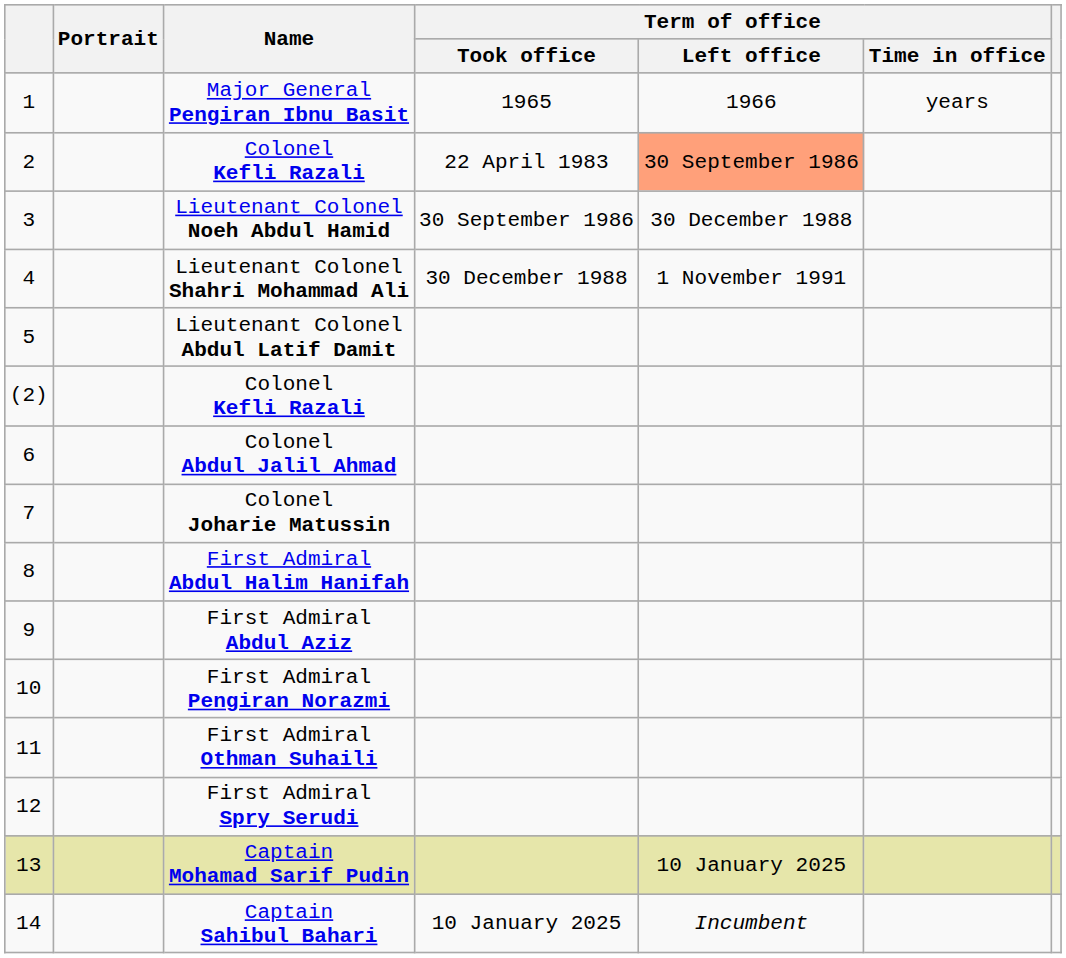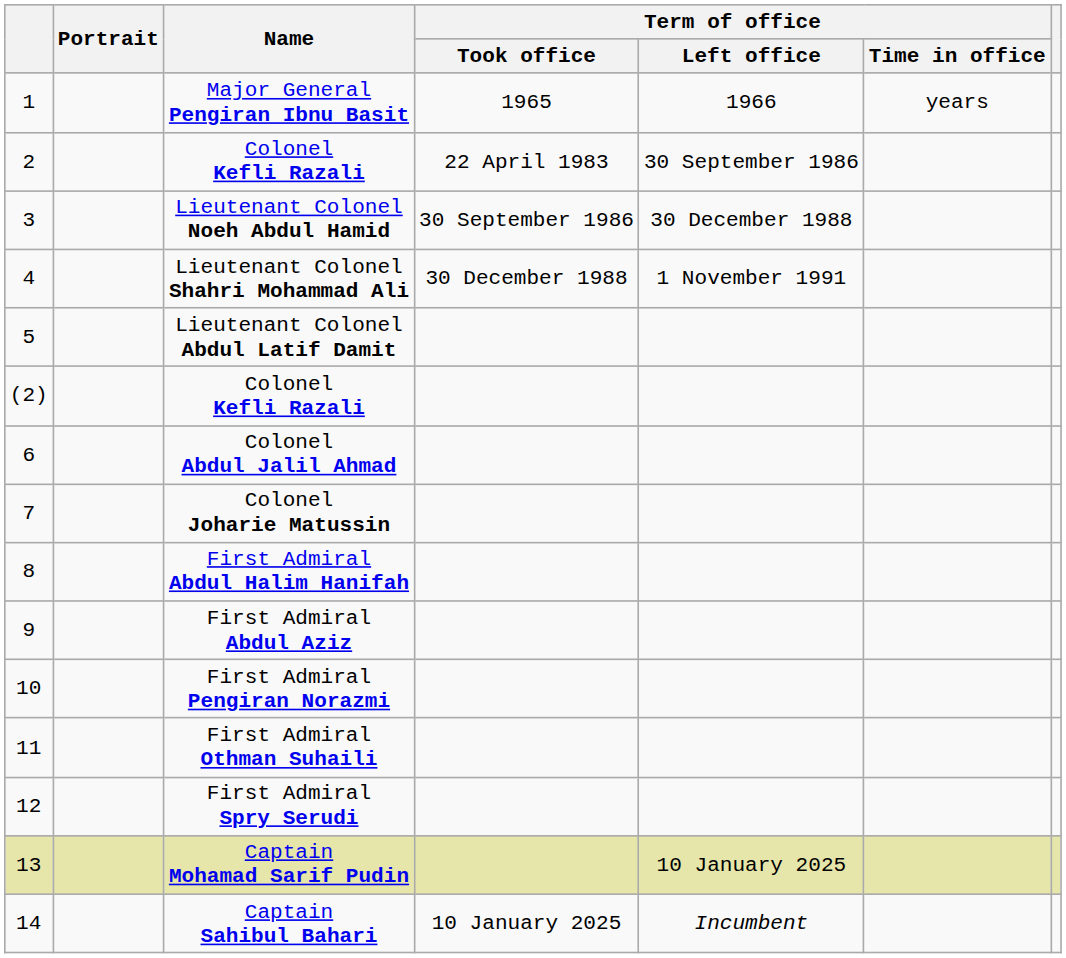 <table class="wikitable" style="text-align:center">
 <tr>
 <th rowspan="2"></th>
 <th rowspan="2">Portrait</th>
 <th rowspan="2">Name<br></th>
 <th colspan="3">Term of office</th>
 <th rowspan="2"></th>
 </tr>
 <tr>
 <th>Took office</th>
 <th>Left office</th>
 <th>Time in office</th>
 </tr>
 <tr>
 <td>1</td>
 <td></td>
 <td><a href='#'>Major General</a><br><strong><a href='#'>Pengiran Ibnu Basit</a></strong><br></td>
 <td>1965</td>
 <td>1966</td>
 <td> years</td>
 <td></td>
 </tr>
 <tr>
 <td>2</td>
 <td></td>
 <td><a href='#'>Colonel</a><br><strong><a href='#'>Kefli Razali</a></strong><br></td>
 <td>22 April 1983</td>
-<td style="background: lightsalmon;">30 September 1986</td>
+<td>30 September 1986</td>
 <td></td>
 <td></td>
 </tr>
 <tr>
 <td>3</td>
 <td></td>
 <td><a href='#'>Lieutenant Colonel</a><br><strong>Noeh Abdul Hamid</strong><br></td>
 <td>30 September 1986</td>
 <td>30 December 1988</td>
 <td></td>
 <td></td>
 </tr>
 <tr>
 <td>4</td>
 <td></td>
 <td>Lieutenant Colonel<br><strong>Shahri Mohammad Ali</strong><br></td>
 <td>30 December 1988</td>
 <td>1 November 1991</td>
 <td></td>
 <td></td>
 </tr>
 <tr>
 <td>5</td>
 <td></td>
 <td>Lieutenant Colonel<br><strong>Abdul Latif Damit</strong><br></td>
 <td></td>
 <td></td>
 <td></td>
 <td></td>
 </tr>
 <tr>
 <td>(2)</td>
 <td></td>
 <td>Colonel<br><strong><a href='#'>Kefli Razali</a></strong><br></td>
 <td></td>
 <td></td>
 <td></td>
 <td></td>
 </tr>
 <tr>
 <td>6</td>
 <td></td>
 <td>Colonel<br><strong><a href='#'>Abdul Jalil Ahmad</a></strong><br></td>
 <td></td>
 <td></td>
 <td></td>
 <td></td>
 </tr>
 <tr>
 <td>7</td>
 <td></td>
 <td>Colonel<br><strong>Joharie Matussin</strong><br></td>
 <td></td>
 <td></td>
 <td></td>
 <td></td>
 </tr>
 <tr>
 <td>8</td>
 <td></td>
 <td><a href='#'>First Admiral</a><br><strong><a href='#'>Abdul Halim Hanifah</a></strong><br></td>
 <td></td>
 <td></td>
 <td></td>
 <td></td>
 </tr>
 <tr>
 <td>9</td>
 <td></td>
 <td>First Admiral<br><strong><a href='#'>Abdul Aziz</a></strong><br></td>
 <td></td>
 <td></td>
 <td></td>
 <td></td>
 </tr>
 <tr>
 <td>10</td>
 <td></td>
 <td>First Admiral<br><strong><a href='#'>Pengiran Norazmi</a></strong><br></td>
 <td></td>
 <td></td>
 <td></td>
 <td></td>
 </tr>
 <tr>
 <td>11</td>
 <td></td>
 <td>First Admiral<br><strong><a href='#'>Othman Suhaili</a></strong><br></td>
 <td></td>
 <td></td>
 <td></td>
 <td></td>
 </tr>
 <tr>
 <td>12</td>
 <td></td>
 <td>First Admiral<br><strong><a href='#'>Spry Serudi</a></strong><br></td>
 <td></td>
 <td></td>
 <td></td>
 <td></td>
 </tr>
 <tr style=background:#e6e6aa>
 <td>13</td>
 <td></td>
 <td><a href='#'>Captain</a><br> <strong><a href='#'>Mohamad Sarif Pudin</a></strong><br></td>
 <td></td>
 <td>10 January 2025</td>
 <td></td>
 <td></td>
 </tr>
 <tr>
 <td>14</td>
 <td></td>
 <td><a href='#'>Captain</a><br>  <strong><a href='#'>Sahibul Bahari</a></strong><br></td>
 <td>10 January 2025</td>
 <td><em>Incumbent</em></td>
 <td></td>
 <td></td>
 </tr>
 </table>
